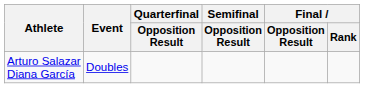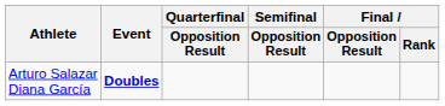 <table class=wikitable style=font-size:90%>
 <tr>
 <th rowspan=2>Athlete</th>
 <th rowspan=2>Event</th>
 <th>Quarterfinal</th>
 <th>Semifinal</th>
 <th colspan=2>Final / </th>
 </tr>
 <tr style=font-size:95%>
 <th>Opposition<br>Result</th>
 <th>Opposition<br>Result</th>
 <th>Opposition<br>Result</th>
 <th>Rank</th>
 </tr>
 <tr>
 <td align=left><a href='#'>Arturo Salazar</a><br><a href='#'>Diana García</a></td>
-<td align=left><a href='#'>Doubles</a></td>
+<td align=left><strong><a href='#'>Doubles</a></strong></td>
 <td></td>
 <td></td>
 <td></td>
 <td></td>
 </tr>
 </table>
